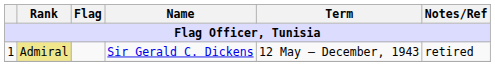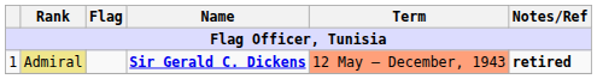 <table class="wikitable">
 <tr>
 <th></th>
 <th>Rank</th>
 <th>Flag</th>
 <th>Name</th>
 <th>Term</th>
 <th>Notes/Ref</th>
 </tr>
 <tr>
 <td colspan="6" align="center" style="background:#dcdcfe;"><strong>Flag Officer, Tunisia</strong> </td>
 </tr>
 <tr>
 <td>1</td>
 <td style="background: khaki;">Admiral</td>
 <td></td>
-<td><a href='#'>Sir Gerald C. Dickens</a></td>
-<td>12 May – December, 1943</td>
-<td>retired</td>
+<td><strong><a href='#'>Sir Gerald C. Dickens</a></strong></td>
+<td style="background: lightsalmon;">12 May – December, 1943</td>
+<td><strong>retired</strong></td>
 </tr>
 <tr>
 </tr>
 </table>
